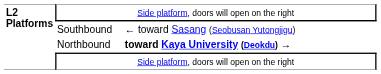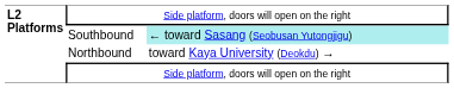 <table table border=0 cellspacing=0 cellpadding=3>
 <tr>
 <td style="border-top:solid 1px gray;border-bottom:solid 1px gray;" width=50 rowspan=10 valign=top><strong>L2<br>Platforms</strong></td>
 <td style="border-top:solid 1px gray;border-right:solid 2px black;border-left:solid 2px black;border-bottom:solid 2px black;text-align:center;" colspan=2><small><a href='#'>Side platform</a>, doors will open on the right</small></td>
 </tr>
 <tr>
 <td style="border-bottom:solid 0px gray;border-top:solid 1px gray;" width=100>Southbound</td>
-<td style="border-bottom:solid 0px gray;border-top:solid 1px gray;" width=390>←  toward <a href='#'>Sasang</a> <small>(<a href='#'>Seobusan Yutongjigu</a>)</small></td>
+<td style="background: paleturquoise; border-bottom:solid 0px gray;border-top:solid 1px gray;" width=390>←  toward <a href='#'>Sasang</a> <small>(<a href='#'>Seobusan Yutongjigu</a>)</small></td>
 </tr>
 <tr>
 <td>Northbound</td>
-<td><strong>  toward <a href='#'>Kaya University</a> <small>(<a href='#'>Deokdu</a>)</small> →</strong></td>
+<td>  toward <a href='#'>Kaya University</a> <small>(<a href='#'>Deokdu</a>)</small> →</td>
 </tr>
 <tr>
 <td style="border-top:solid 2px black;border-right:solid 2px black;border-left:solid 2px black;border-bottom:solid 1px gray;text-align:center;" colspan=2><small><a href='#'>Side platform</a>, doors will open on the right</small></td>
 </tr>
 </table>
